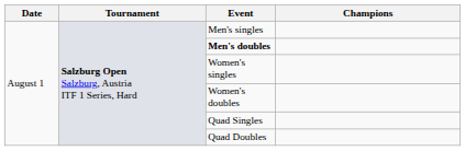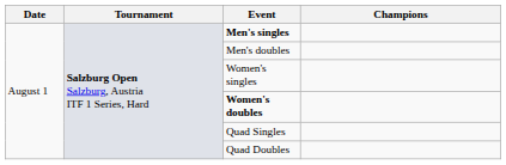 <table class=wikitable style=font-size:85%>
 <tr>
 <th width=75>Date</th>
 <th width=230>Tournament</th>
 <th width=100>Event</th>
 <th width=300>Champions</th>
 </tr>
 <tr>
 <td rowspan=6>August 1</td>
 <td bgcolor=#dfe2e9 rowspan=6><strong>Salzburg Open</strong><br> <a href='#'>Salzburg</a>, Austria<br>ITF 1 Series, Hard</td>
-<td>Men's singles</td>
+<td><strong>Men's singles</strong></td>
 <td></td>
 </tr>
 <tr>
-<td><strong>Men's doubles</strong></td>
+<td>Men's doubles</td>
 <td><br></td>
 </tr>
 <tr>
 <td>Women's singles</td>
 <td></td>
 </tr>
 <tr>
-<td>Women's doubles</td>
+<td><strong>Women's doubles</strong></td>
 <td><br></td>
 </tr>
 <tr>
 <td>Quad Singles</td>
 <td></td>
 </tr>
 <tr>
 <td>Quad Doubles</td>
 <td><br></td>
 </tr>
 </table>
